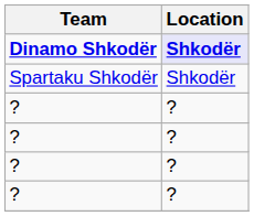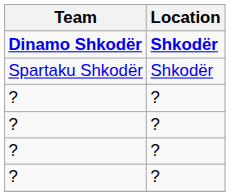 <table class="wikitable sortable">
 <tr>
 <th>Team</th>
 <th>Location</th>
 </tr>
 <tr>
 <td><strong><a href='#'>Dinamo Shkodër</a></strong></td>
-<td style="background: lavender;"><strong><a href='#'>Shkodër</a></strong></td>
+<td><strong><a href='#'>Shkodër</a></strong></td>
 </tr>
 <tr>
 <td><a href='#'>Spartaku Shkodër</a></td>
 <td><a href='#'>Shkodër</a></td>
 </tr>
 <tr>
 <td>?</td>
 <td>?</td>
 </tr>
 <tr>
 <td>?</td>
 <td>?</td>
 </tr>
 <tr>
 <td>?</td>
 <td>?</td>
 </tr>
 <tr>
 <td>?</td>
 <td>?</td>
 </tr>
 <tr>
 </tr>
 </table>
